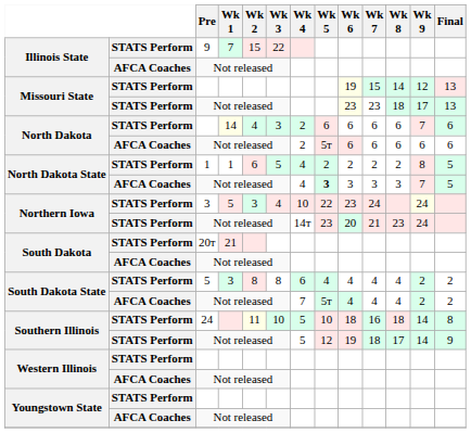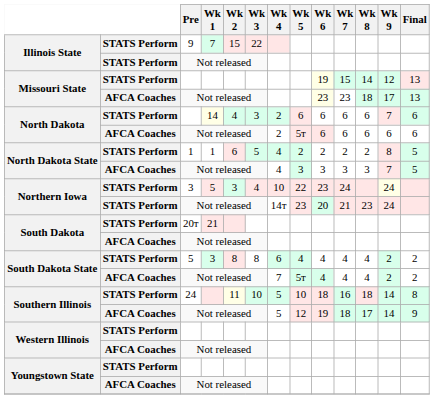 <table class="wikitable" style="white-space:nowrap;font-size:85%;">
 <tr>
 <th colspan=2 style="background:white; border-top-style:hidden; border-left-style:hidden;"> </th>
 <th>Pre</th>
 <th>Wk<br>1</th>
 <th>Wk<br>2</th>
 <th>Wk<br>3</th>
 <th>Wk<br>4</th>
 <th>Wk<br>5</th>
 <th>Wk<br>6</th>
 <th>Wk<br>7</th>
 <th>Wk<br>8</th>
 <th>Wk<br>9</th>
 <th>Final</th>
 </tr>
 <tr style="text-align:center;">
 <th rowspan="2">Illinois State</th>
 <th>STATS Perform</th>
 <td style="background:#FFF;">9</td>
 <td style="background:#d8ffeb;">7</td>
 <td style="background:#FFe6e6;">15</td>
 <td style="background:#FFe6e6;">22</td>
 <td style="background:#FFe6e6;"></td>
 <td style="background:#FFF;"></td>
 <td style="background:#FFF;"></td>
 <td style="background:#FFF;"></td>
 <td style="background:#FFF;"></td>
 <td style="background:#FFF;"></td>
 <td style="background:#FFF;"></td>
 </tr>
 <tr style="text-align:center;">
-<th>AFCA Coaches</th>
+<th>STATS Perform</th>
 <td colspan="4" text-align="center;">Not released</td>
 <td style="background:#FFF;"></td>
 <td style="background:#FFF;"></td>
 <td style="background:#FFF;"></td>
 <td style="background:#FFF;"></td>
 <td style="background:#FFF;"></td>
 <td style="background:#FFF;"></td>
 <td style="background:#FFF;"></td>
 </tr>
 <tr style="text-align:center;">
 <th rowspan="2">Missouri State</th>
 <th>STATS Perform</th>
 <td style="background:#FFF;"></td>
 <td style="background:#FFF;"></td>
 <td style="background:#FFF;"></td>
 <td style="background:#FFF;"></td>
 <td style="background:#FFF;"></td>
 <td style="background:#FFF;"></td>
 <td style="background:#FFFfe6;">19</td>
 <td style="background:#d8ffeb;">15</td>
 <td style="background:#d8ffeb;">14</td>
 <td style="background:#d8ffeb;">12</td>
 <td style="background:#FFe6e6;">13</td>
 </tr>
 <tr style="text-align:center;">
-<th>STATS Perform</th>
+<th>AFCA Coaches</th>
 <td colspan="4" text-align="center;">Not released</td>
 <td style="background:#FFF;"></td>
 <td style="background:#FFF;"></td>
 <td style="background:#FFFfe6;">23</td>
 <td style="background:#FFF;">23</td>
 <td style="background:#d8ffeb;">18</td>
 <td style="background:#d8ffeb;">17</td>
 <td style="background:#d8ffeb;">13</td>
 </tr>
 <tr style="text-align:center;">
 <th rowspan="2">North Dakota</th>
 <th>STATS Perform</th>
 <td style="background:#FFF;"></td>
 <td style="background:#FFFfe6;">14</td>
 <td style="background:#d8ffeb;">4</td>
 <td style="background:#d8ffeb;">3</td>
 <td style="background:#d8ffeb;">2</td>
 <td style="background:#FFe6e6;">6</td>
 <td style="background:#FFF;">6</td>
 <td style="background:#FFF;">6</td>
 <td style="background:#FFF;">6</td>
 <td style="background:#FFe6e6;">7</td>
 <td style="background:#d8ffeb;">6</td>
 </tr>
 <tr style="text-align:center;">
 <th>AFCA Coaches</th>
 <td colspan="4" text-align="center;">Not released</td>
 <td style="background:#FFF;">2</td>
 <td style="background:#FFe6e6;">5т</td>
 <td style="background:#FFe6e6;">6</td>
 <td style="background:#FFF;">6</td>
 <td style="background:#FFF;">6</td>
 <td style="background:#FFF;">6</td>
 <td style="background:#FFF;">6</td>
 </tr>
 <tr style="text-align:center;">
 <th rowspan="2">North Dakota State</th>
 <th>STATS Perform</th>
 <td style="background:#FFF;">1</td>
 <td style="background:#FFF;">1</td>
 <td style="background:#FFe6e6;">6</td>
 <td style="background:#d8ffeb;">5</td>
 <td style="background:#d8ffeb;">4</td>
 <td style="background:#d8ffeb;">2</td>
 <td style="background:#FFF;">2</td>
 <td style="background:#FFF;">2</td>
 <td style="background:#FFF;">2</td>
 <td style="background:#FFe6e6;">8</td>
 <td style="background:#d8ffeb;">5</td>
 </tr>
 <tr style="text-align:center;">
 <th>AFCA Coaches</th>
 <td colspan="4" text-align="center;">Not released</td>
 <td style="background:#FFF;">4</td>
-<td style="background:#d8ffeb;"><strong>3</strong></td>
+<td style="background:#d8ffeb;">3</td>
 <td style="background:#FFF;">3</td>
 <td style="background:#FFF;">3</td>
 <td style="background:#FFF;">3</td>
 <td style="background:#FFe6e6;">7</td>
 <td style="background:#d8ffeb;">5</td>
 </tr>
 <tr style="text-align:center;">
 <th rowspan="2">Northern Iowa</th>
 <th>STATS Perform</th>
 <td style="background:#FFF;">3</td>
 <td style="background:#FFe6e6;">5</td>
 <td style="background:#d8ffeb;">3</td>
 <td style="background:#FFe6e6;">4</td>
 <td style="background:#FFe6e6;">10</td>
 <td style="background:#FFe6e6;">22</td>
 <td style="background:#FFe6e6;">23</td>
 <td style="background:#FFe6e6;">24</td>
 <td style="background:#FFe6e6;"></td>
 <td style="background:#FFffe6;">24</td>
 <td style="background:#FFe6e6;"></td>
 </tr>
 <tr style="text-align:center;">
 <th>STATS Perform</th>
 <td colspan="4" text-align="center;">Not released</td>
 <td style="background:#FFF;">14т</td>
 <td style="background:#FFe6e6;">23</td>
 <td style="background:#d8ffeb;">20</td>
 <td style="background:#FFe6e6;">21</td>
 <td style="background:#FFe6e6;">23</td>
 <td style="background:#FFe6e6;">24</td>
 <td style="background:#FFe6e6;"></td>
 </tr>
 <tr style="text-align:center;">
 <th rowspan="2">South Dakota</th>
 <th>STATS Perform</th>
 <td style="background:#FFF;">20т</td>
 <td style="background:#FFe6e6;">21</td>
 <td style="background:#FFe6e6;"></td>
 <td style="background:#FFF;"></td>
 <td style="background:#FFF;"></td>
 <td style="background:#FFF;"></td>
 <td style="background:#FFF;"></td>
 <td style="background:#FFF;"></td>
 <td style="background:#FFF;"></td>
 <td style="background:#FFF;"></td>
 <td style="background:#FFF;"></td>
 </tr>
 <tr style="text-align:center;">
 <th>AFCA Coaches</th>
 <td colspan="4" text-align="center;">Not released</td>
 <td style="background:#FFF;"></td>
 <td style="background:#FFF;"></td>
 <td style="background:#FFF;"></td>
 <td style="background:#FFF;"></td>
 <td style="background:#FFF;"></td>
 <td style="background:#FFF;"></td>
 <td style="background:#FFF;"></td>
 </tr>
 <tr style="text-align:center;">
 <th rowspan="2">South Dakota State</th>
 <th>STATS Perform</th>
 <td style="background:#FFF;">5</td>
 <td style="background:#d8ffeb;">3</td>
 <td style="background:#FFe6e6;">8</td>
 <td style="background:#FFF;">8</td>
 <td style="background:#d8ffeb;">6</td>
 <td style="background:#d8ffeb;">4</td>
 <td style="background:#FFF;">4</td>
 <td style="background:#FFF;">4</td>
 <td style="background:#FFF;">4</td>
 <td style="background:#d8ffeb;">2</td>
 <td style="background:#FFF;">2</td>
 </tr>
 <tr style="text-align:center;">
 <th>AFCA Coaches</th>
 <td colspan="4" text-align="center;">Not released</td>
 <td style="background:#FFF;">7</td>
 <td style="background:#d8ffeb;">5т</td>
 <td style="background:#d8ffeb;">4</td>
 <td style="background:#FFF;">4</td>
 <td style="background:#FFF;">4</td>
 <td style="background:#d8ffeb;">2</td>
 <td style="background:#FFF;">2</td>
 </tr>
 <tr style="text-align:center;">
 <th rowspan="2">Southern Illinois</th>
 <th>STATS Perform</th>
 <td style="background:#FFF;">24</td>
 <td style="background:#FFe6e6;"></td>
 <td style="background:#FFFfe6;">11</td>
 <td style="background:#d8ffeb;">10</td>
 <td style="background:#d8ffeb;">5</td>
 <td style="background:#FFe6e6;">10</td>
 <td style="background:#FFe6e6;">18</td>
 <td style="background:#d8ffeb;">16</td>
 <td style="background:#FFe6e6;">18</td>
 <td style="background:#d8ffeb;">14</td>
 <td style="background:#d8ffeb;">8</td>
 </tr>
 <tr style="text-align:center;">
-<th>STATS Perform</th>
+<th>AFCA Coaches</th>
 <td colspan="4" text-align="center;">Not released</td>
 <td style="background:#FFF;">5</td>
 <td style="background:#FFe6e6;">12</td>
 <td style="background:#FFe6e6;">19</td>
 <td style="background:#d8ffeb;">18</td>
 <td style="background:#d8ffeb;">17</td>
 <td style="background:#d8ffeb;">14</td>
 <td style="background:#d8ffeb;">9</td>
 </tr>
 <tr style="text-align:center;">
 <th rowspan="2">Western Illinois</th>
 <th>STATS Perform</th>
 <td style="background:#FFF;"></td>
 <td style="background:#FFF;"></td>
 <td style="background:#FFF;"></td>
 <td style="background:#FFF;"></td>
 <td style="background:#FFF;"></td>
 <td style="background:#FFF;"></td>
 <td style="background:#FFF;"></td>
 <td style="background:#FFF;"></td>
 <td style="background:#FFF;"></td>
 <td style="background:#FFF;"></td>
 <td style="background:#FFF;"></td>
 </tr>
 <tr style="text-align:center;">
 <th>AFCA Coaches</th>
 <td colspan="4" text-align="center;">Not released</td>
 <td style="background:#FFF;"></td>
 <td style="background:#FFF;"></td>
 <td style="background:#FFF;"></td>
 <td style="background:#FFF;"></td>
 <td style="background:#FFF;"></td>
 <td style="background:#FFF;"></td>
 <td style="background:#FFF;"></td>
 </tr>
 <tr style="text-align:center;">
 <th rowspan="2">Youngstown State</th>
 <th>STATS Perform</th>
 <td style="background:#FFF;"></td>
 <td style="background:#FFF;"></td>
 <td style="background:#FFF;"></td>
 <td style="background:#FFF;"></td>
 <td style="background:#FFF;"></td>
 <td style="background:#FFF;"></td>
 <td style="background:#FFF;"></td>
 <td style="background:#FFF;"></td>
 <td style="background:#FFF;"></td>
 <td style="background:#FFF;"></td>
 <td style="background:#FFF;"></td>
 </tr>
 <tr style="text-align:center;">
 <th>AFCA Coaches</th>
 <td colspan="4" text-align="center;">Not released</td>
 <td style="background:#FFF;"></td>
 <td style="background:#FFF;"></td>
 <td style="background:#FFF;"></td>
 <td style="background:#FFF;"></td>
 <td style="background:#FFF;"></td>
 <td style="background:#FFF;"></td>
 <td style="background:#FFF;"></td>
 </tr>
 <tr style="text-align:center;">
 </tr>
 </table>
